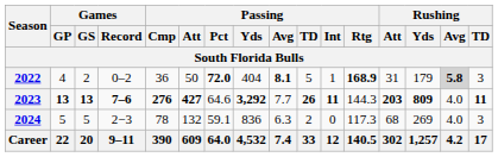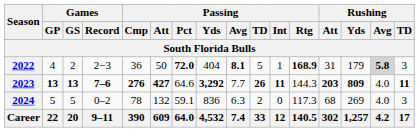 <table class="wikitable" style="text-align:center;">
 <tr>
 <th rowspan="2">Season</th>
 <th colspan="3">Games</th>
 <th colspan="8">Passing</th>
 <th colspan="5">Rushing</th>
 </tr>
 <tr>
 <th>GP</th>
 <th>GS</th>
 <th>Record</th>
 <th>Cmp</th>
 <th>Att</th>
 <th>Pct</th>
 <th>Yds</th>
 <th>Avg</th>
 <th>TD</th>
 <th>Int</th>
 <th>Rtg</th>
 <th>Att</th>
 <th>Yds</th>
 <th>Avg</th>
 <th>TD</th>
 </tr>
 <tr>
 <th colspan="16">South Florida Bulls</th>
 </tr>
 <tr>
 <th><a href='#'>2022</a></th>
 <td>4</td>
 <td>2</td>
-<td>0–2</td>
+<td>2−3</td>
 <td>36</td>
 <td>50</td>
 <td><strong>72.0</strong></td>
 <td>404</td>
 <td><strong>8.1</strong></td>
 <td>5</td>
 <td>1</td>
 <td><strong>168.9</strong></td>
 <td>31</td>
 <td>179</td>
 <td style="background: lightgrey;"><strong>5.8</strong></td>
 <td>3</td>
 </tr>
 <tr>
 <th><a href='#'>2023</a></th>
 <td><strong>13</strong></td>
 <td><strong>13</strong></td>
 <td><strong>7–6</strong></td>
 <td><strong>276</strong></td>
 <td><strong>427</strong></td>
 <td>64.6</td>
 <td><strong>3,292</strong></td>
 <td>7.7</td>
 <td><strong>26</strong></td>
 <td><strong>11</strong></td>
 <td>144.3</td>
 <td><strong>203</strong></td>
 <td><strong>809</strong></td>
 <td>4.0</td>
 <td><strong>11</strong></td>
 </tr>
 <tr>
 <th><a href='#'>2024</a></th>
 <td>5</td>
 <td>5</td>
-<td>2−3</td>
+<td>0–2</td>
 <td>78</td>
 <td>132</td>
 <td>59.1</td>
 <td>836</td>
 <td>6.3</td>
 <td>2</td>
 <td>0</td>
 <td>117.3</td>
 <td>68</td>
 <td>269</td>
 <td>4.0</td>
 <td>3</td>
 </tr>
 <tr>
 <th>Career</th>
 <th>22</th>
 <th>20</th>
 <th>9–11</th>
 <th>390</th>
 <th>609</th>
 <th>64.0</th>
 <th>4,532</th>
 <th>7.4</th>
 <th>33</th>
 <th>12</th>
 <th>140.5</th>
 <th>302</th>
 <th>1,257</th>
 <th>4.2</th>
 <th>17</th>
 </tr>
 </table>
